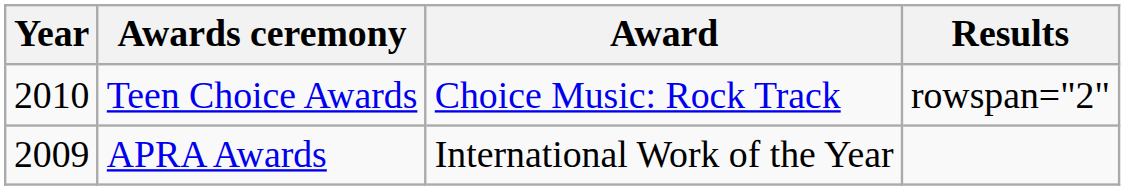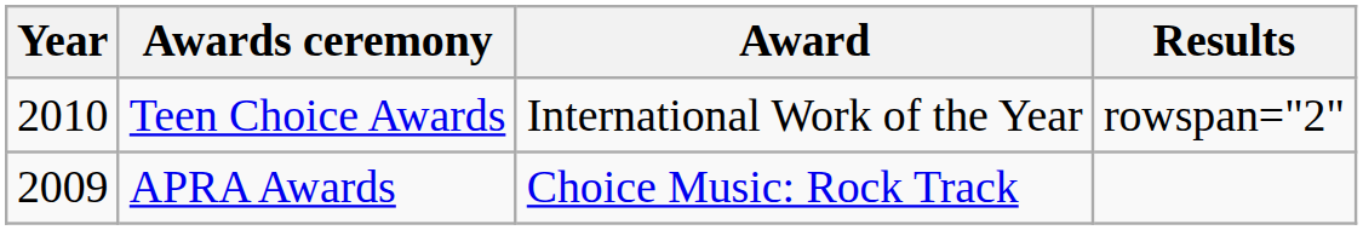 <table class="wikitable">
 <tr>
 <th>Year</th>
 <th>Awards ceremony</th>
 <th>Award</th>
 <th>Results</th>
 </tr>
 <tr>
 <td>2010</td>
 <td><a href='#'>Teen Choice Awards</a></td>
-<td><a href='#'>Choice Music: Rock Track</a></td>
+<td>International Work of the Year</td>
 <td>rowspan="2" </td>
 </tr>
 <tr>
 <td>2009</td>
 <td><a href='#'>APRA Awards</a></td>
-<td>International Work of the Year</td>
+<td><a href='#'>Choice Music: Rock Track</a></td>
 </tr>
 </table>
